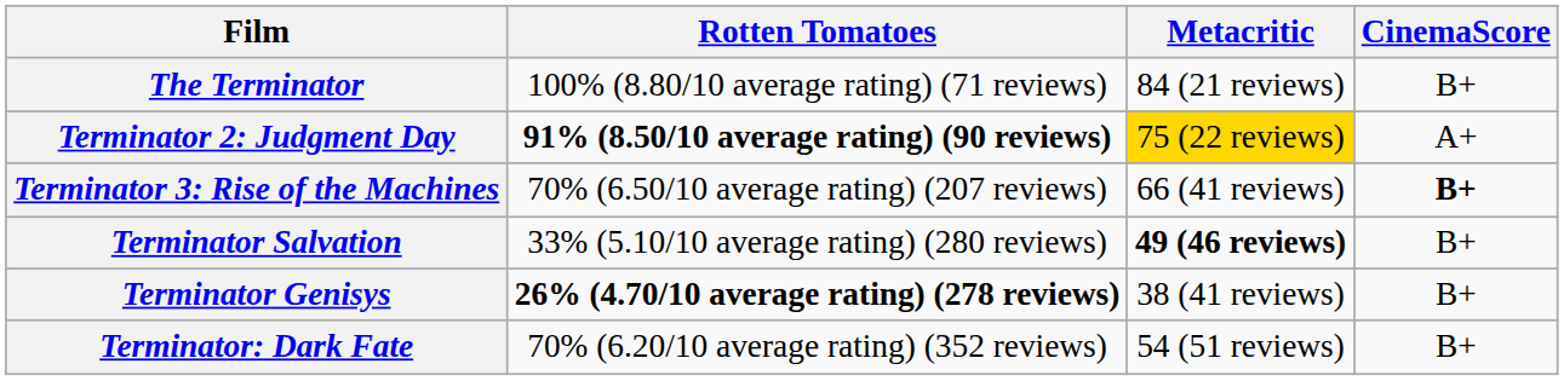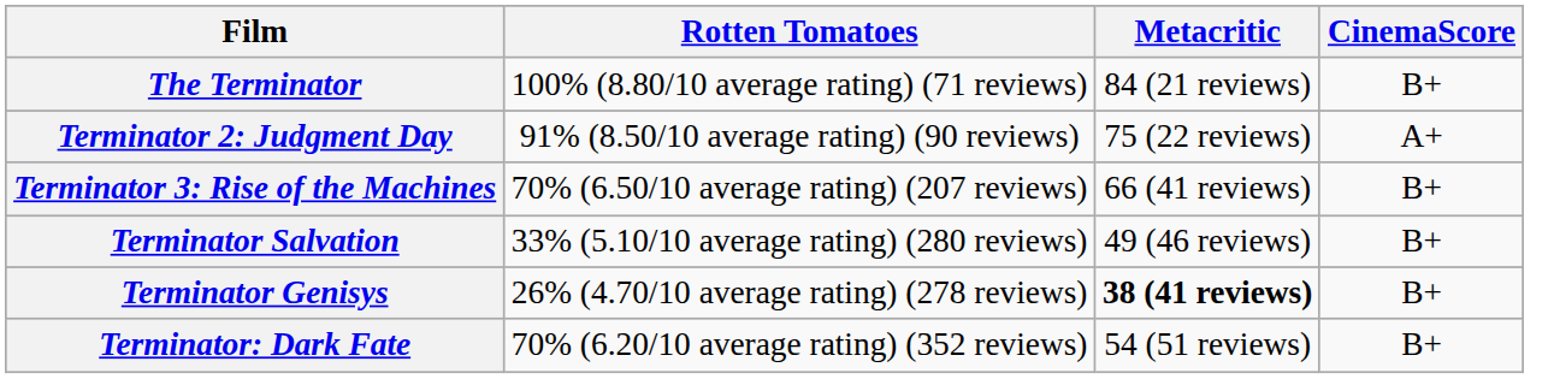 <table class="wikitable plainrowheaders" style="text-align:center;">
 <tr>
 <th>Film</th>
 <th><a href='#'>Rotten Tomatoes</a></th>
 <th><a href='#'>Metacritic</a></th>
 <th><a href='#'>CinemaScore</a></th>
 </tr>
 <tr>
 <th scope="row"><em><a href='#'>The Terminator</a></em></th>
 <td>100% (8.80/10 average rating) (71 reviews)</td>
 <td>84 (21 reviews)</td>
 <td>B+</td>
 </tr>
 <tr>
 <th scope="row"><em><a href='#'>Terminator 2: Judgment Day</a></em></th>
-<td><strong>91% (8.50/10 average rating) (90 reviews)</strong></td>
-<td style="background: gold;">75 (22 reviews)</td>
+<td>91% (8.50/10 average rating) (90 reviews)</td>
+<td>75 (22 reviews)</td>
 <td>A+</td>
 </tr>
 <tr>
 <th scope="row"><em><a href='#'>Terminator 3: Rise of the Machines</a></em></th>
 <td>70% (6.50/10 average rating) (207 reviews)</td>
 <td>66 (41 reviews)</td>
-<td><strong>B+</strong></td>
+<td>B+</td>
 </tr>
 <tr>
 <th scope="row"><em><a href='#'>Terminator Salvation</a></em></th>
 <td>33% (5.10/10 average rating) (280 reviews)</td>
-<td><strong>49 (46 reviews)</strong></td>
+<td>49 (46 reviews)</td>
 <td>B+</td>
 </tr>
 <tr>
 <th scope="row"><em><a href='#'>Terminator Genisys</a></em></th>
-<td><strong>26% (4.70/10 average rating) (278 reviews)</strong></td>
-<td>38 (41 reviews)</td>
+<td>26% (4.70/10 average rating) (278 reviews)</td>
+<td><strong>38 (41 reviews)</strong></td>
 <td>B+</td>
 </tr>
 <tr>
 <th scope="row"><em><a href='#'>Terminator: Dark Fate</a></em></th>
 <td>70% (6.20/10 average rating) (352 reviews)</td>
 <td>54 (51 reviews)</td>
 <td>B+</td>
 </tr>
 </table>
